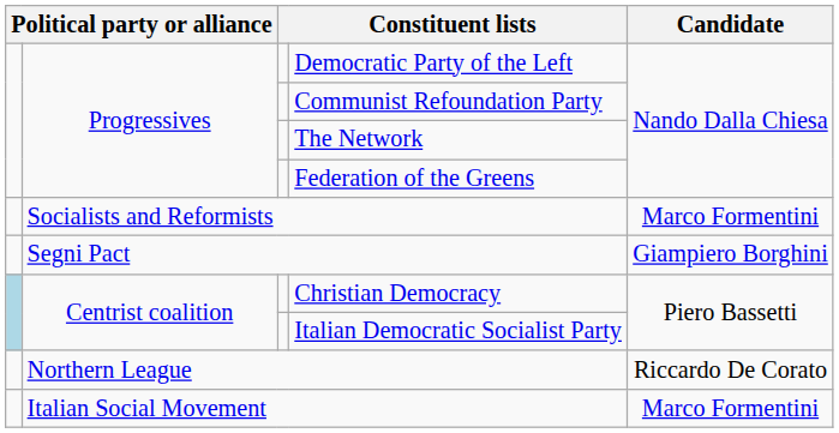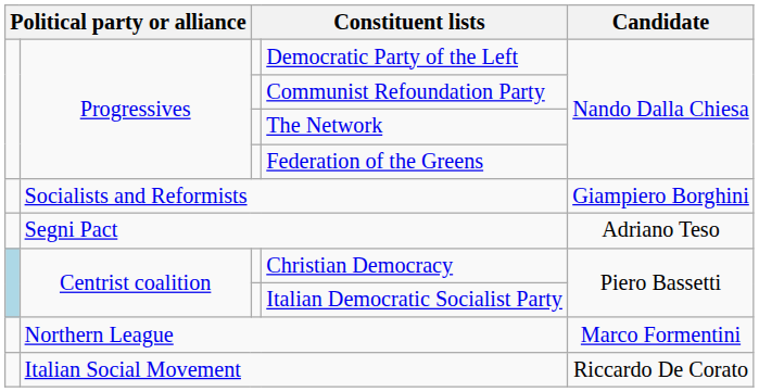 <table class=wikitable style="text-align:left">
 <tr>
 <th colspan=2>Political party or alliance</th>
 <th colspan=2>Constituent lists</th>
 <th>Candidate</th>
 </tr>
 <tr>
 <td rowspan=4 style="background-color:"></td>
 <td rowspan=4 style="text-align:center;"><a href='#'>Progressives</a></td>
 <td></td>
 <td style="text-align:left;"><a href='#'>Democratic Party of the Left</a></td>
 <td rowspan=4 style="text-align:center;"><a href='#'>Nando Dalla Chiesa</a></td>
 </tr>
 <tr>
 <td></td>
 <td style="text-align:left;"><a href='#'>Communist Refoundation Party</a></td>
 </tr>
 <tr>
 <td></td>
 <td style="text-align:left;"><a href='#'>The Network</a></td>
 </tr>
 <tr>
 <td></td>
 <td style="text-align:left;"><a href='#'>Federation of the Greens</a></td>
 </tr>
 <tr>
 <td style="background-color:"></td>
 <td colspan=3  style="text-align:left;"><a href='#'>Socialists and Reformists</a></td>
-<td style="text-align:center;"><a href='#'>Marco Formentini</a></td>
+<td style="text-align:center;"><a href='#'>Giampiero Borghini</a></td>
 </tr>
 <tr>
 <td style="background-color:"></td>
 <td colspan=3  style="text-align:left;"><a href='#'>Segni Pact</a></td>
-<td style="text-align:center;"><a href='#'>Giampiero Borghini</a></td>
+<td style="text-align:center;">Adriano Teso</td>
 </tr>
 <tr>
 <td rowspan="2" style="background:lightblue;"></td>
 <td rowspan=2 style="text-align:center;"><a href='#'>Centrist coalition</a></td>
 <td></td>
 <td style="text-align:left;"><a href='#'>Christian Democracy</a></td>
 <td rowspan="2" style="text-align:center;">Piero Bassetti</td>
 </tr>
 <tr>
 <td></td>
 <td style="text-align:left;"><a href='#'>Italian Democratic Socialist Party</a></td>
 </tr>
 <tr>
 <td style="background-color:"></td>
 <td colspan=3  style="text-align:left;"><a href='#'>Northern League</a></td>
-<td style="text-align:center;">Riccardo De Corato</td>
+<td style="text-align:center;"><a href='#'>Marco Formentini</a></td>
 </tr>
 <tr>
 <td style="background-color:"></td>
 <td colspan=3  style="text-align:left;"><a href='#'>Italian Social Movement</a></td>
-<td style="text-align:center;"><a href='#'>Marco Formentini</a></td>
+<td style="text-align:center;">Riccardo De Corato</td>
 </tr>
 </table>
